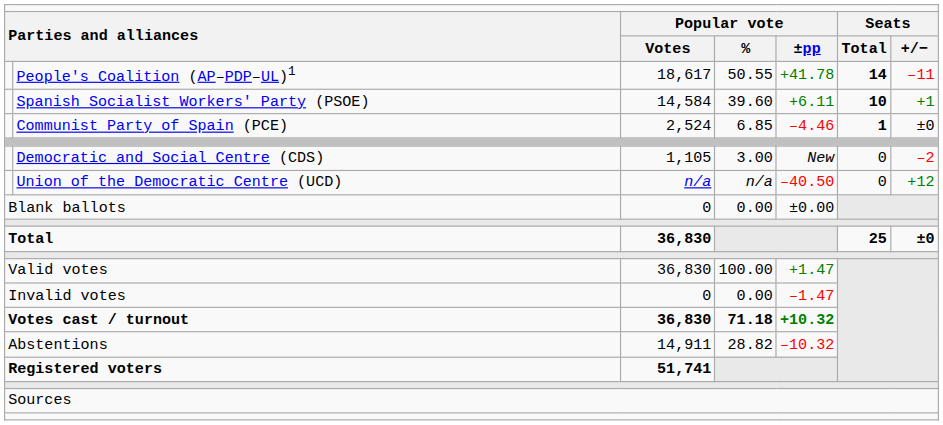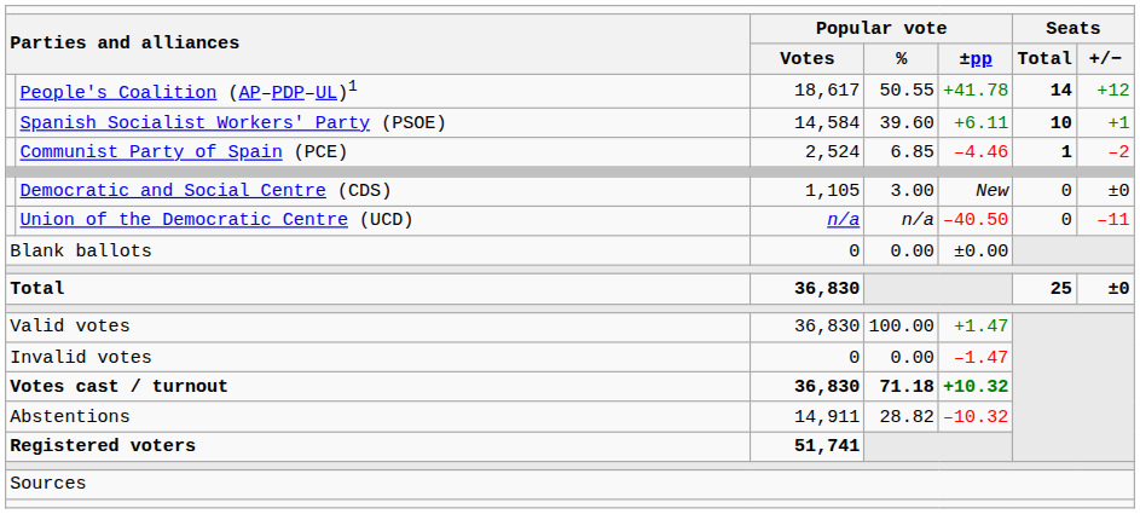 <table class="wikitable" style="text-align:right;">
 <tr>
 <td colspan="7"></td>
 </tr>
 <tr>
 <th style="text-align:left;" rowspan="2" colspan="2" width="525">Parties and alliances</th>
 <th colspan="3">Popular vote</th>
 <th colspan="2">Seats</th>
 </tr>
 <tr>
 <th width="75">Votes</th>
 <th width="45">%</th>
 <th width="45">±<a href='#'>pp</a></th>
 <th width="35">Total</th>
 <th width="35">+/−</th>
 </tr>
 <tr>
 <td width="1" style="color:inherit;background:"></td>
 <td align="left"><a href='#'>People's Coalition</a> (<a href='#'>AP</a>–<a href='#'>PDP</a>–<a href='#'>UL</a>)<sup>1</sup></td>
 <td>18,617</td>
 <td>50.55</td>
 <td style="color:green;">+41.78</td>
 <td><strong>14</strong></td>
-<td style="color:red;">–11</td>
+<td style="color:green;">+12</td>
 </tr>
 <tr>
 <td style="color:inherit;background:"></td>
 <td align="left"><a href='#'>Spanish Socialist Workers' Party</a> (PSOE)</td>
 <td>14,584</td>
 <td>39.60</td>
 <td style="color:green;">+6.11</td>
 <td><strong>10</strong></td>
 <td style="color:green;">+1</td>
 </tr>
 <tr>
 <td style="color:inherit;background:"></td>
 <td align="left"><a href='#'>Communist Party of Spain</a> (PCE)</td>
 <td>2,524</td>
 <td>6.85</td>
 <td style="color:red;">–4.46</td>
 <td><strong>1</strong></td>
-<td>±0</td>
+<td style="color:red;">–2</td>
 </tr>
 <tr>
 <td colspan="7" bgcolor="#C0C0C0"></td>
 </tr>
 <tr>
 <td style="color:inherit;background:"></td>
 <td align="left"><a href='#'>Democratic and Social Centre</a> (CDS)</td>
 <td>1,105</td>
 <td>3.00</td>
 <td><em>New</em></td>
 <td>0</td>
-<td style="color:red;">–2</td>
+<td>±0</td>
 </tr>
 <tr>
 <td style="color:inherit;background:"></td>
 <td align="left"><a href='#'>Union of the Democratic Centre</a> (UCD)</td>
 <td><em><a href='#'>n/a</a></em></td>
 <td><em>n/a</em></td>
 <td style="color:red;">–40.50</td>
 <td>0</td>
-<td style="color:green;">+12</td>
+<td style="color:red;">–11</td>
 </tr>
 <tr>
 <td align="left" colspan="2">Blank ballots</td>
 <td>0</td>
 <td>0.00</td>
 <td>±0.00</td>
 <td bgcolor="#E9E9E9" colspan="2"></td>
 </tr>
 <tr>
 <td colspan="7" bgcolor="#E9E9E9"></td>
 </tr>
 <tr style="font-weight:bold;">
 <td align="left" colspan="2">Total</td>
 <td>36,830</td>
 <td bgcolor="#E9E9E9" colspan="2"></td>
 <td>25</td>
 <td>±0</td>
 </tr>
 <tr>
 <td colspan="7" bgcolor="#E9E9E9"></td>
 </tr>
 <tr>
 <td align="left" colspan="2">Valid votes</td>
 <td>36,830</td>
 <td>100.00</td>
 <td style="color:green;">+1.47</td>
 <td bgcolor="#E9E9E9" colspan="2" rowspan="5"></td>
 </tr>
 <tr>
 <td align="left" colspan="2">Invalid votes</td>
 <td>0</td>
 <td>0.00</td>
 <td style="color:red;">–1.47</td>
 </tr>
 <tr style="font-weight:bold;">
 <td align="left" colspan="2">Votes cast / turnout</td>
 <td>36,830</td>
 <td>71.18</td>
 <td style="color:green;">+10.32</td>
 </tr>
 <tr>
 <td align="left" colspan="2">Abstentions</td>
 <td>14,911</td>
 <td>28.82</td>
 <td style="color:red;">–10.32</td>
 </tr>
 <tr style="font-weight:bold;">
 <td align="left" colspan="2">Registered voters</td>
 <td>51,741</td>
 <td bgcolor="#E9E9E9" colspan="2"></td>
 </tr>
 <tr>
 <td colspan="7" bgcolor="#E9E9E9"></td>
 </tr>
 <tr>
 <td align="left" colspan="7">Sources</td>
 </tr>
 <tr>
 <td colspan="7" style="text-align:left; max-width:790px;"></td>
 </tr>
 </table>
